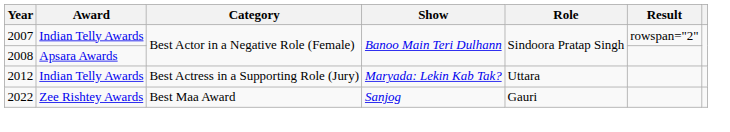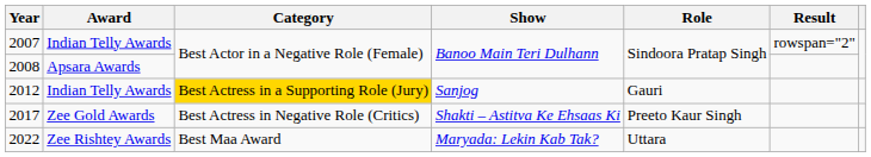 <table class="wikitable">
 <tr>
 <th>Year</th>
 <th>Award</th>
 <th>Category</th>
 <th>Show</th>
 <th>Role</th>
 <th>Result</th>
 <th scope="col"></th>
 </tr>
 <tr>
 <td>2007</td>
 <td><a href='#'>Indian Telly Awards</a></td>
 <td rowspan="2">Best Actor in a Negative Role (Female)</td>
 <td rowspan="2"><em><a href='#'>Banoo Main Teri Dulhann</a></em></td>
 <td rowspan="2">Sindoora Pratap Singh</td>
 <td>rowspan="2" </td>
 <td rowspan="2"></td>
 </tr>
 <tr>
 <td>2008</td>
 <td><a href='#'>Apsara Awards</a></td>
 </tr>
 <tr>
 <td>2012</td>
 <td><a href='#'>Indian Telly Awards</a></td>
-<td>Best Actress in a Supporting Role (Jury)</td>
-<td rowspan="1"><em><a href='#'>Maryada: Lekin Kab Tak?</a></em></td>
-<td rowspan="1">Uttara</td>
+<td style="background: gold;">Best Actress in a Supporting Role (Jury)</td>
+<td><em><a href='#'>Sanjog</a></em></td>
+<td>Gauri</td>
+<td></td>
+</tr>
+<tr>
+<td>2017</td>
+<td><a href='#'>Zee Gold Awards</a></td>
+<td>Best Actress in Negative Role (Critics)</td>
+<td><em><a href='#'>Shakti – Astitva Ke Ehsaas Ki</a></em></td>
+<td>Preeto Kaur Singh</td>
+<td></td>
 <td></td>
 </tr>
 <tr>
 <td>2022</td>
 <td><a href='#'>Zee Rishtey Awards</a></td>
 <td>Best Maa Award</td>
-<td><em><a href='#'>Sanjog</a></em></td>
-<td>Gauri</td>
+<td rowspan="1"><em><a href='#'>Maryada: Lekin Kab Tak?</a></em></td>
+<td rowspan="1">Uttara</td>
 <td></td>
 <td></td>
 </tr>
 </table>
